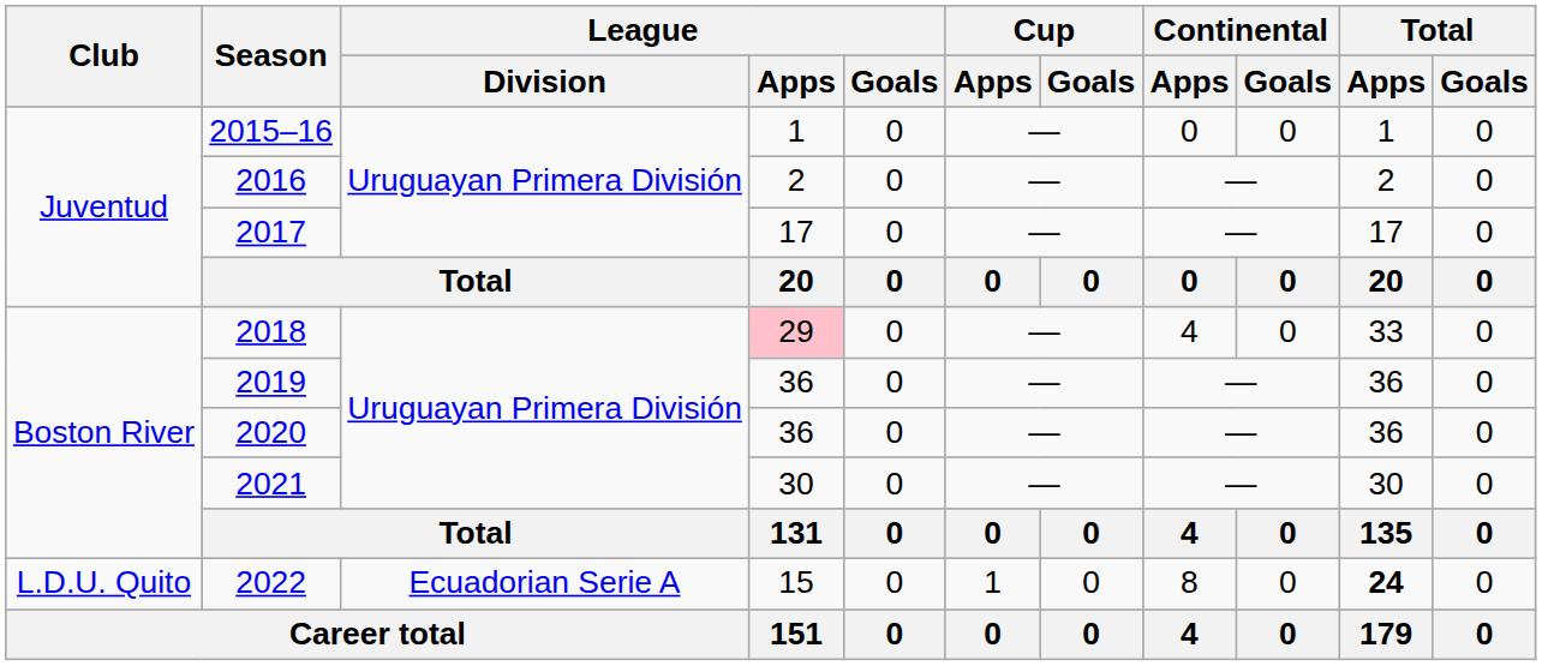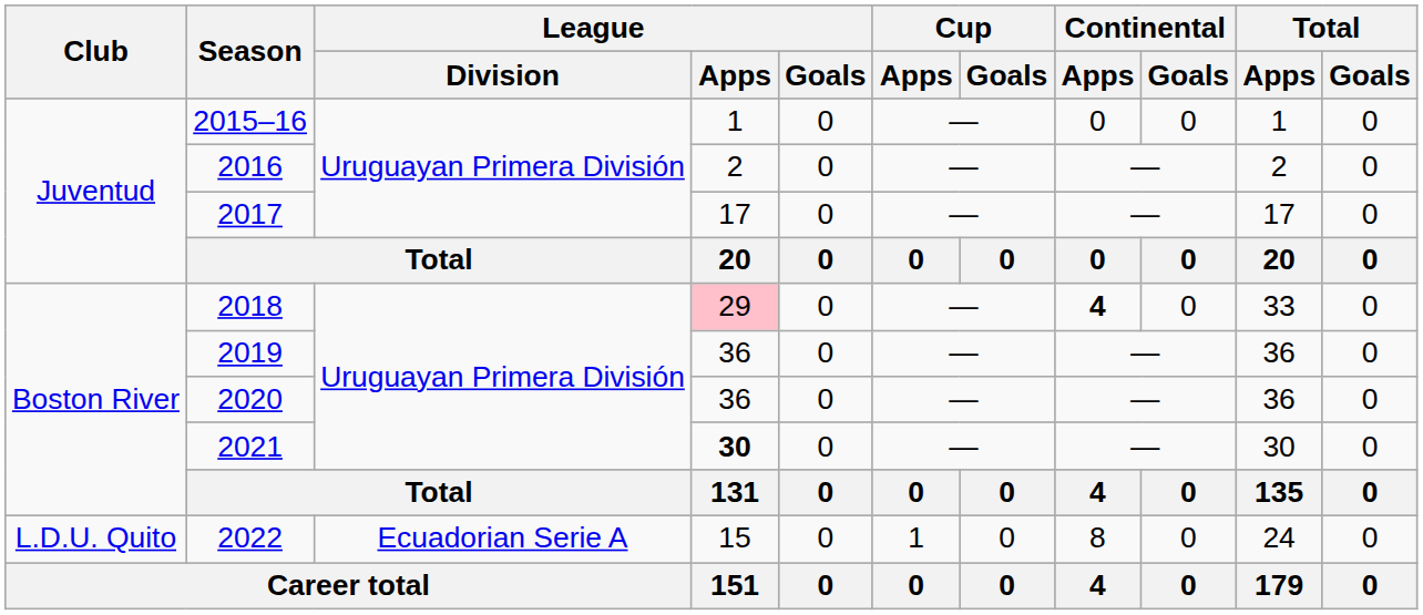 <table class="wikitable" Style="text-align: center">
 <tr>
 <th rowspan="2">Club</th>
 <th rowspan="2">Season</th>
 <th colspan="3">League</th>
 <th colspan="2">Cup</th>
 <th colspan="2">Continental</th>
 <th colspan="2">Total</th>
 </tr>
 <tr>
 <th>Division</th>
 <th>Apps</th>
 <th>Goals</th>
 <th>Apps</th>
 <th>Goals</th>
 <th>Apps</th>
 <th>Goals</th>
 <th>Apps</th>
 <th>Goals</th>
 </tr>
 <tr>
 <td rowspan="4"><a href='#'>Juventud</a></td>
 <td><a href='#'>2015–16</a></td>
 <td rowspan="3"><a href='#'>Uruguayan Primera División</a></td>
 <td>1</td>
 <td>0</td>
 <td colspan="2">—</td>
 <td>0</td>
 <td>0</td>
 <td>1</td>
 <td>0</td>
 </tr>
 <tr>
 <td><a href='#'>2016</a></td>
 <td>2</td>
 <td>0</td>
 <td colspan="2">—</td>
 <td colspan="2">—</td>
 <td>2</td>
 <td>0</td>
 </tr>
 <tr>
 <td><a href='#'>2017</a></td>
 <td>17</td>
 <td>0</td>
 <td colspan="2">—</td>
 <td colspan="2">—</td>
 <td>17</td>
 <td>0</td>
 </tr>
 <tr>
 <th colspan="2">Total</th>
 <th>20</th>
 <th>0</th>
 <th>0</th>
 <th>0</th>
 <th>0</th>
 <th>0</th>
 <th>20</th>
 <th>0</th>
 </tr>
 <tr>
 <td rowspan="5"><a href='#'>Boston River</a></td>
 <td><a href='#'>2018</a></td>
 <td rowspan="4"><a href='#'>Uruguayan Primera División</a></td>
 <td style="background: pink;">29</td>
 <td>0</td>
 <td colspan="2">—</td>
-<td>4</td>
+<td><strong>4</strong></td>
 <td>0</td>
 <td>33</td>
 <td>0</td>
 </tr>
 <tr>
 <td><a href='#'>2019</a></td>
 <td>36</td>
 <td>0</td>
 <td colspan="2">—</td>
 <td colspan="2">—</td>
 <td>36</td>
 <td>0</td>
 </tr>
 <tr>
 <td><a href='#'>2020</a></td>
 <td>36</td>
 <td>0</td>
 <td colspan="2">—</td>
 <td colspan="2">—</td>
 <td>36</td>
 <td>0</td>
 </tr>
 <tr>
 <td><a href='#'>2021</a></td>
-<td>30</td>
+<td><strong>30</strong></td>
 <td>0</td>
 <td colspan="2">—</td>
 <td colspan="2">—</td>
 <td>30</td>
 <td>0</td>
 </tr>
 <tr>
 <th colspan="2">Total</th>
 <th>131</th>
 <th>0</th>
 <th>0</th>
 <th>0</th>
 <th>4</th>
 <th>0</th>
 <th>135</th>
 <th>0</th>
 </tr>
 <tr>
 <td rowspan="1"><a href='#'>L.D.U. Quito</a></td>
 <td><a href='#'>2022</a></td>
 <td rowspan="1"><a href='#'>Ecuadorian Serie A</a></td>
 <td>15</td>
 <td>0</td>
 <td>1</td>
 <td>0</td>
 <td>8</td>
 <td>0</td>
-<td><strong>24</strong></td>
+<td>24</td>
 <td>0</td>
 </tr>
 <tr>
 <th colspan="3">Career total</th>
 <th>151</th>
 <th>0</th>
 <th>0</th>
 <th>0</th>
 <th>4</th>
 <th>0</th>
 <th>179</th>
 <th>0</th>
 </tr>
 </table>
